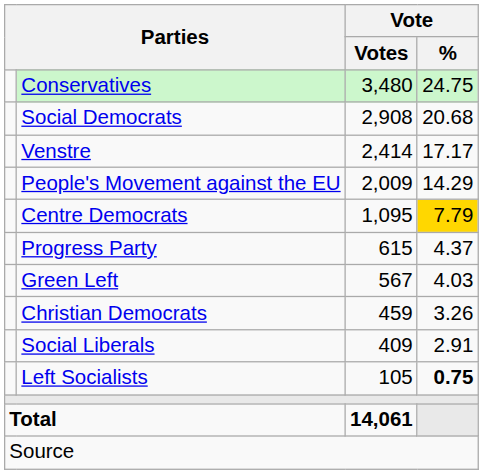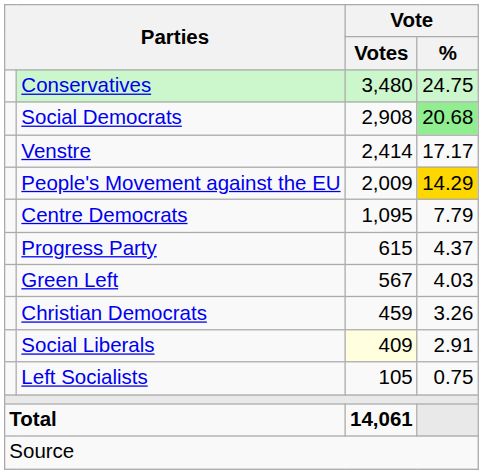 <table class="wikitable" style="text-align:right;">
 <tr>
 <th style="text-align:centre;" rowspan="2" colspan="2" width="225">Parties</th>
 <th colspan="3">Vote</th>
 </tr>
 <tr>
 <th width="15">Votes</th>
 <th width="15">%</th>
 </tr>
 <tr>
 <td width="2" style="color:inherit;background:"></td>
 <td bgcolor=#ccf7cc   align="left"><a href='#'>Conservatives</a></td>
 <td bgcolor=#ccf7cc>3,480</td>
 <td bgcolor=#ccf7cc>24.75</td>
 </tr>
 <tr>
 <td width="2" style="color:inherit;background:"></td>
 <td align="left"><a href='#'>Social Democrats</a></td>
 <td>2,908</td>
-<td>20.68</td>
+<td style="background: lightgreen;">20.68</td>
 </tr>
 <tr>
 <td width="2" style="color:inherit;background:"></td>
 <td align="left"><a href='#'>Venstre</a></td>
 <td>2,414</td>
 <td>17.17</td>
 </tr>
 <tr>
 <td width="2" style="color:inherit;background:"></td>
 <td align="left"><a href='#'>People's Movement against the EU</a></td>
 <td>2,009</td>
-<td>14.29</td>
+<td style="background: gold;">14.29</td>
 </tr>
 <tr>
 <td width="2" style="color:inherit;background:"></td>
 <td align="left"><a href='#'>Centre Democrats</a></td>
 <td>1,095</td>
-<td style="background: gold;">7.79</td>
+<td>7.79</td>
 </tr>
 <tr>
 <td width="2" style="color:inherit;background:"></td>
 <td align="left"><a href='#'>Progress Party</a></td>
 <td>615</td>
 <td>4.37</td>
 </tr>
 <tr>
 <td width="2" style="color:inherit;background:"></td>
 <td align="left"><a href='#'>Green Left</a></td>
 <td>567</td>
 <td>4.03</td>
 </tr>
 <tr>
 <td width="2" style="color:inherit;background:"></td>
 <td align="left"><a href='#'>Christian Democrats</a></td>
 <td>459</td>
 <td>3.26</td>
 </tr>
 <tr>
 <td width="2" style="color:inherit;background:"></td>
 <td align="left"><a href='#'>Social Liberals</a></td>
-<td>409</td>
+<td style="background: lightyellow;">409</td>
 <td>2.91</td>
 </tr>
 <tr>
 <td width="2" style="color:inherit;background:"></td>
 <td align="left"><a href='#'>Left Socialists</a></td>
 <td>105</td>
-<td><strong>0.75</strong></td>
+<td>0.75</td>
 </tr>
 <tr>
 <td colspan="7" bgcolor="#E9E9E9"></td>
 </tr>
 <tr>
 <td align="left" colspan="2"><strong>Total</strong></td>
 <td><strong>14,061</strong></td>
 <td bgcolor="#E9E9E9" colspan="2"></td>
 </tr>
 <tr>
 <td align="left" colspan="6">Source</td>
 </tr>
 </table>
